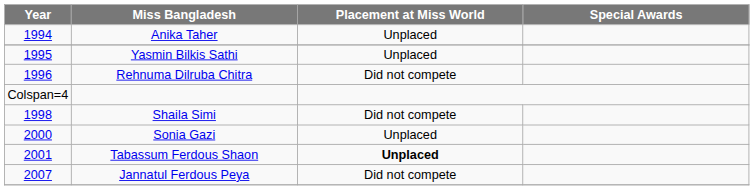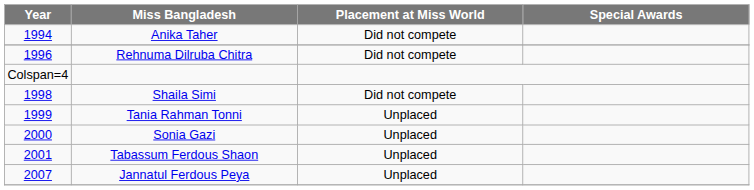 <table class="wikitable sortable" style="font-size: 90%; text-align:center">
 <tr>
 <th width="30" style="background-color:#787878;color:#FFFFFF;">Year</th>
 <th width="250" style="background-color:#787878;color:#FFFFFF;">Miss Bangladesh</th>
 <th width="250" style="background-color:#787878;color:#FFFFFF;">Placement at Miss World</th>
 <th width="250" style="background-color:#787878;color:#FFFFFF;">Special Awards</th>
 </tr>
 <tr>
 <td><a href='#'>1994</a></td>
 <td><a href='#'>Anika Taher</a></td>
-<td>Unplaced</td>
+<td>Did not compete</td>
 <td></td>
 </tr>
 <tr>
-</tr>
-<tr>
-<td><a href='#'>1995</a></td>
-<td><a href='#'>Yasmin Bilkis Sathi</a></td>
-<td>Unplaced</td>
-<td></td>
 </tr>
 <tr>
 <td><a href='#'>1996</a></td>
 <td><a href='#'>Rehnuma Dilruba Chitra</a></td>
 <td>Did not compete</td>
 <td></td>
 </tr>
 <tr>
 <td>Colspan=4 </td>
 <td></td>
 </tr>
 <tr>
 <td><a href='#'>1998</a></td>
 <td><a href='#'>Shaila Simi</a></td>
 <td>Did not compete</td>
 <td></td>
 </tr>
 <tr>
+<td><a href='#'>1999</a></td>
+<td><a href='#'>Tania Rahman Tonni</a></td>
+<td>Unplaced</td>
+<td></td>
+</tr>
+<tr>
 <td><a href='#'>2000</a></td>
 <td><a href='#'>Sonia Gazi</a></td>
 <td>Unplaced</td>
 <td></td>
 </tr>
 <tr>
 <td><a href='#'>2001</a></td>
 <td><a href='#'>Tabassum Ferdous Shaon</a></td>
-<td><strong>Unplaced</strong></td>
+<td>Unplaced</td>
 <td></td>
 </tr>
 <tr>
 <td><a href='#'>2007</a></td>
 <td><a href='#'>Jannatul Ferdous Peya</a></td>
-<td>Did not compete</td>
+<td>Unplaced</td>
 <td></td>
 </tr>
 <tr>
 </tr>
 </table>
